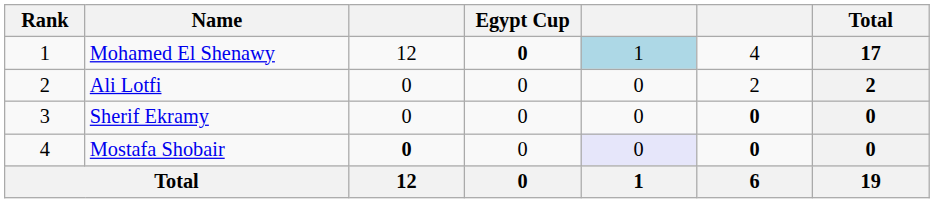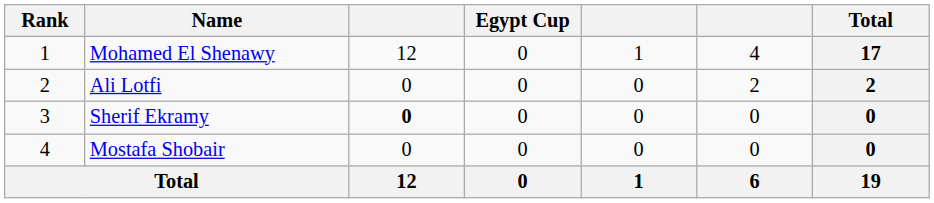 <table class=wikitable style="text-align:center">
 <tr>
 <th style=width:56px;>Rank</th>
 <th style=width:200px;>Name</th>
 <th style=width:84px;></th>
 <th style=width:84px;>Egypt Cup</th>
 <th style=width:84px;></th>
 <th style=width:84px;></th>
 <th style=width:84px;>Total</th>
 </tr>
 <tr>
 <td>1</td>
 <td align=left> <a href='#'>Mohamed El Shenawy</a></td>
 <td>12</td>
-<td><strong>0</strong></td>
-<td style="background: lightblue;">1</td>
+<td>0</td>
+<td>1</td>
 <td>4</td>
 <th>17</th>
 </tr>
 <tr>
 <td>2</td>
 <td align=left> <a href='#'>Ali Lotfi</a></td>
 <td>0</td>
 <td>0</td>
 <td>0</td>
 <td>2</td>
 <th>2</th>
 </tr>
 <tr>
 <td>3</td>
 <td align=left> <a href='#'>Sherif Ekramy</a></td>
+<td><strong>0</strong></td>
 <td>0</td>
 <td>0</td>
 <td>0</td>
-<td><strong>0</strong></td>
 <th>0</th>
 </tr>
 <tr>
 <td>4</td>
 <td align=left> <a href='#'>Mostafa Shobair</a></td>
-<td><strong>0</strong></td>
 <td>0</td>
-<td style="background: lavender;">0</td>
-<td><strong>0</strong></td>
+<td>0</td>
+<td>0</td>
+<td>0</td>
 <th>0</th>
 </tr>
 <tr>
 <th colspan=2>Total</th>
 <th>12</th>
 <th>0</th>
 <th>1</th>
 <th>6</th>
 <th>19</th>
 </tr>
 </table>
